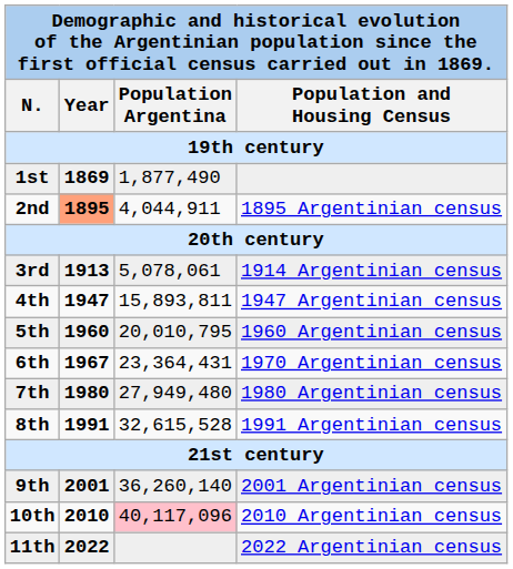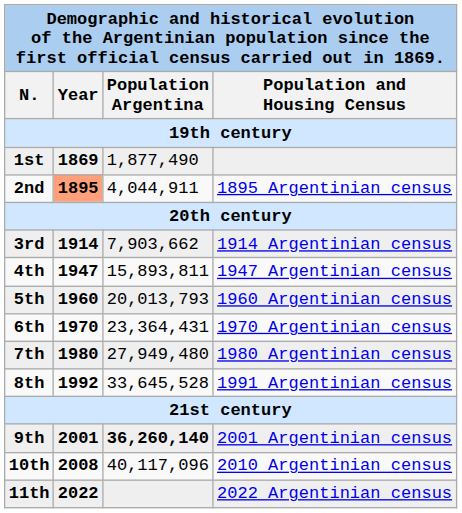 <table class="wikitable">
 <tr>
 <th colspan= "4" style="text-align:center; background:#abcdef;">Demographic and historical evolution <br>of the Argentinian population since the <br> first official census carried out in 1869.</th>
 </tr>
 <tr>
 <th>N.</th>
 <th>Year</th>
 <th>Population<br>Argentina</th>
 <th>Population and <br> Housing Census</th>
 </tr>
 <tr align="center">
 <td colspan="4" style="background:#D0E7FF"><strong>19th century</strong></td>
 </tr>
 <tr align="center" style="background:#efefef; color:black">
 <td><strong>1st</strong></td>
 <td><strong>1869</strong></td>
 <td align="left"> 1,877,490</td>
 <td></td>
 </tr>
 <tr align="center">
 <td><strong>2nd</strong></td>
 <td style="background: lightsalmon;"><strong>1895</strong></td>
 <td align="left"> 4,044,911</td>
 <td><a href='#'>1895 Argentinian census</a></td>
 </tr>
 <tr align="center">
 <td colspan="4" style="background:#D0E7FF"><strong>20th century</strong></td>
 </tr>
 <tr align="center" style="background:#efefef; color:black">
 <td><strong>3rd</strong></td>
-<td><strong>1913</strong></td>
-<td align="left"> 5,078,061</td>
+<td><strong>1914</strong></td>
+<td align="left"> 7,903,662</td>
 <td><a href='#'>1914 Argentinian census</a></td>
 </tr>
 <tr align="center">
 <td><strong>4th</strong></td>
 <td><strong>1947</strong></td>
 <td align="left"> 15,893,811</td>
 <td><a href='#'>1947 Argentinian census</a></td>
 </tr>
 <tr align="center" style="background:#efefef; color:black">
 <td><strong>5th</strong></td>
 <td><strong>1960</strong></td>
-<td align="left"> 20,010,795</td>
+<td align="left"> 20,013,793</td>
 <td><a href='#'>1960 Argentinian census</a></td>
 </tr>
 <tr align="center">
 <td><strong>6th</strong></td>
-<td><strong>1967</strong></td>
+<td><strong>1970</strong></td>
 <td align="left"> 23,364,431</td>
 <td><a href='#'>1970 Argentinian census</a></td>
 </tr>
 <tr align="center" style="background:#efefef; color:black">
 <td><strong>7th</strong></td>
 <td><strong>1980</strong></td>
 <td align="left"> 27,949,480</td>
 <td><a href='#'>1980 Argentinian census</a></td>
 </tr>
 <tr align="center">
 <td><strong>8th</strong></td>
-<td><strong>1991</strong></td>
-<td align="left"> 32,615,528</td>
+<td><strong>1992</strong></td>
+<td align="left"> 33,645,528</td>
 <td><a href='#'>1991 Argentinian census</a></td>
 </tr>
 <tr align="center">
 <td colspan="4" style="background:#D0E7FF"><strong>21st century</strong></td>
 </tr>
 <tr align="center" style="background:#efefef; color:black">
 <td><strong>9th</strong></td>
 <td><strong>2001</strong></td>
-<td align="left"> 36,260,140</td>
+<td align="left"><strong> 36,260,140</strong></td>
 <td><a href='#'>2001 Argentinian census</a></td>
 </tr>
 <tr align="center">
 <td><strong>10th</strong></td>
-<td><strong>2010</strong></td>
-<td align="left" style="background: pink;"> 40,117,096</td>
+<td><strong>2008</strong></td>
+<td align="left"> 40,117,096</td>
 <td><a href='#'>2010 Argentinian census</a></td>
 </tr>
 <tr align="center" style="background:#efefef; color:black">
 <td><strong>11th</strong></td>
 <td><strong>2022</strong></td>
 <td align="left"></td>
 <td><a href='#'>2022 Argentinian census</a></td>
 </tr>
 </table>
